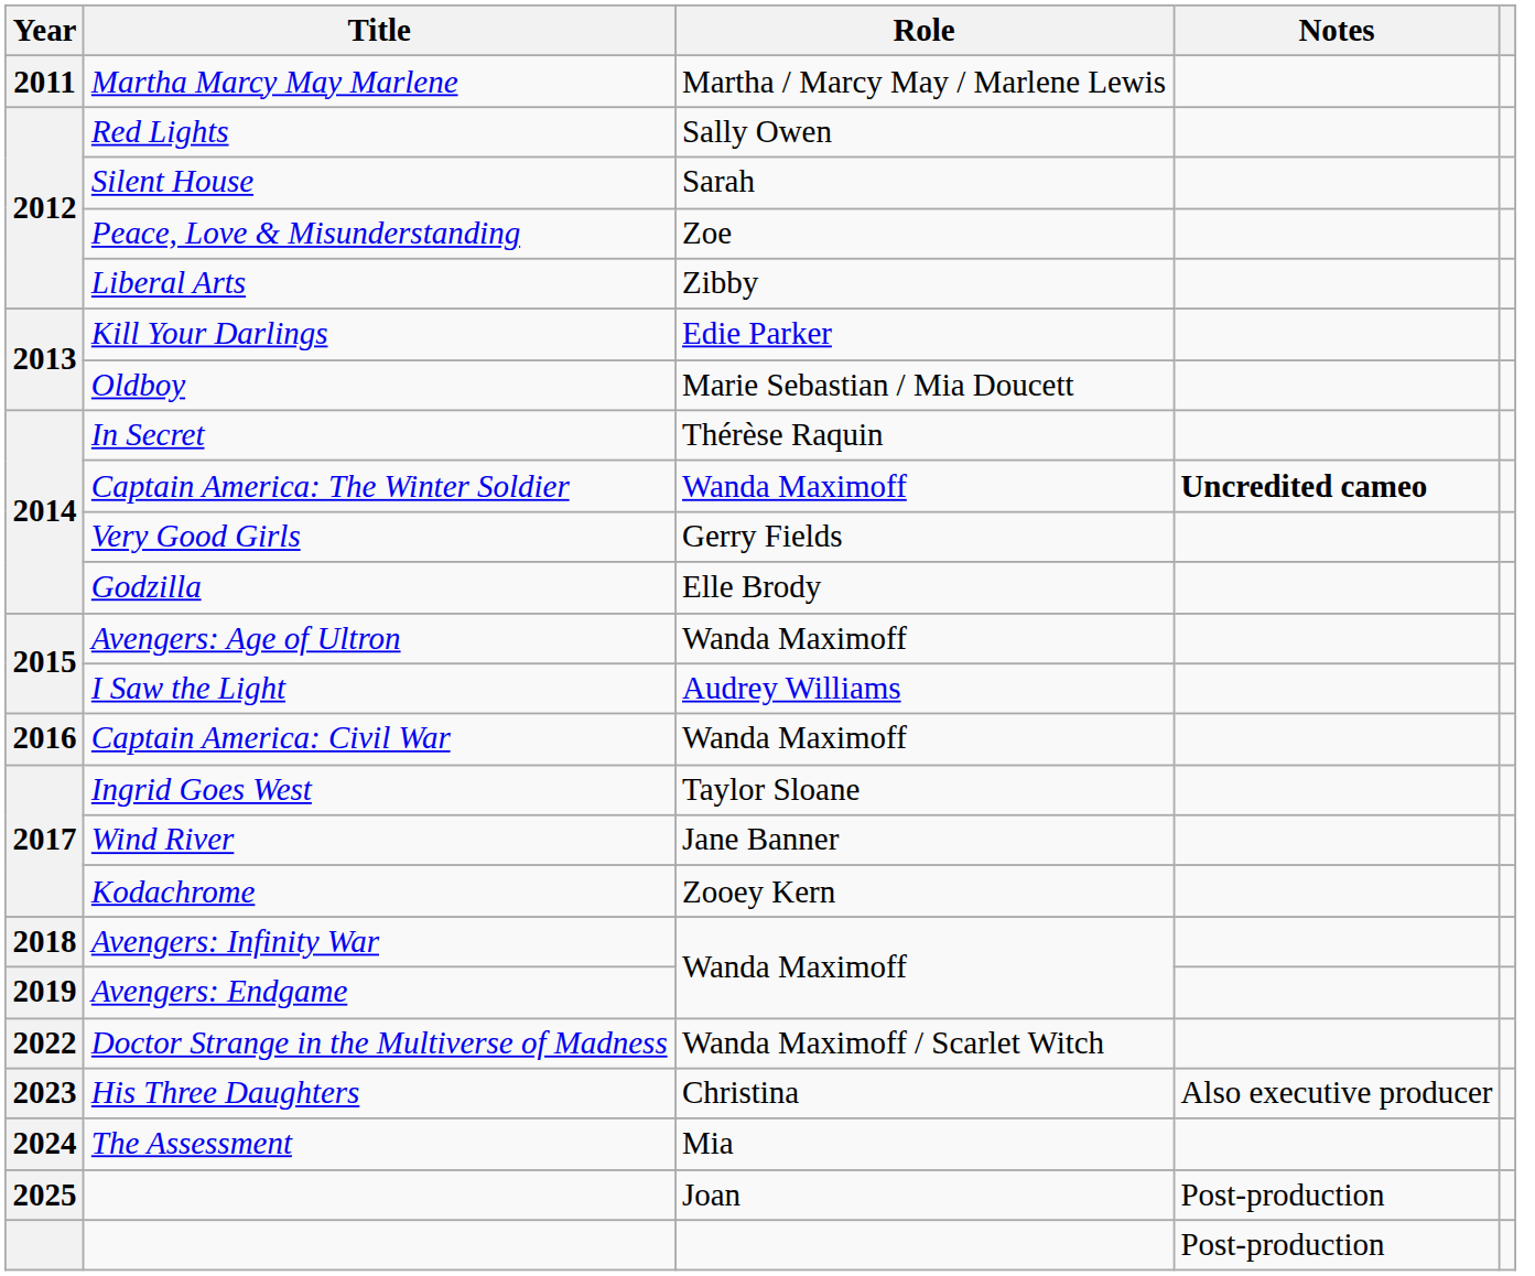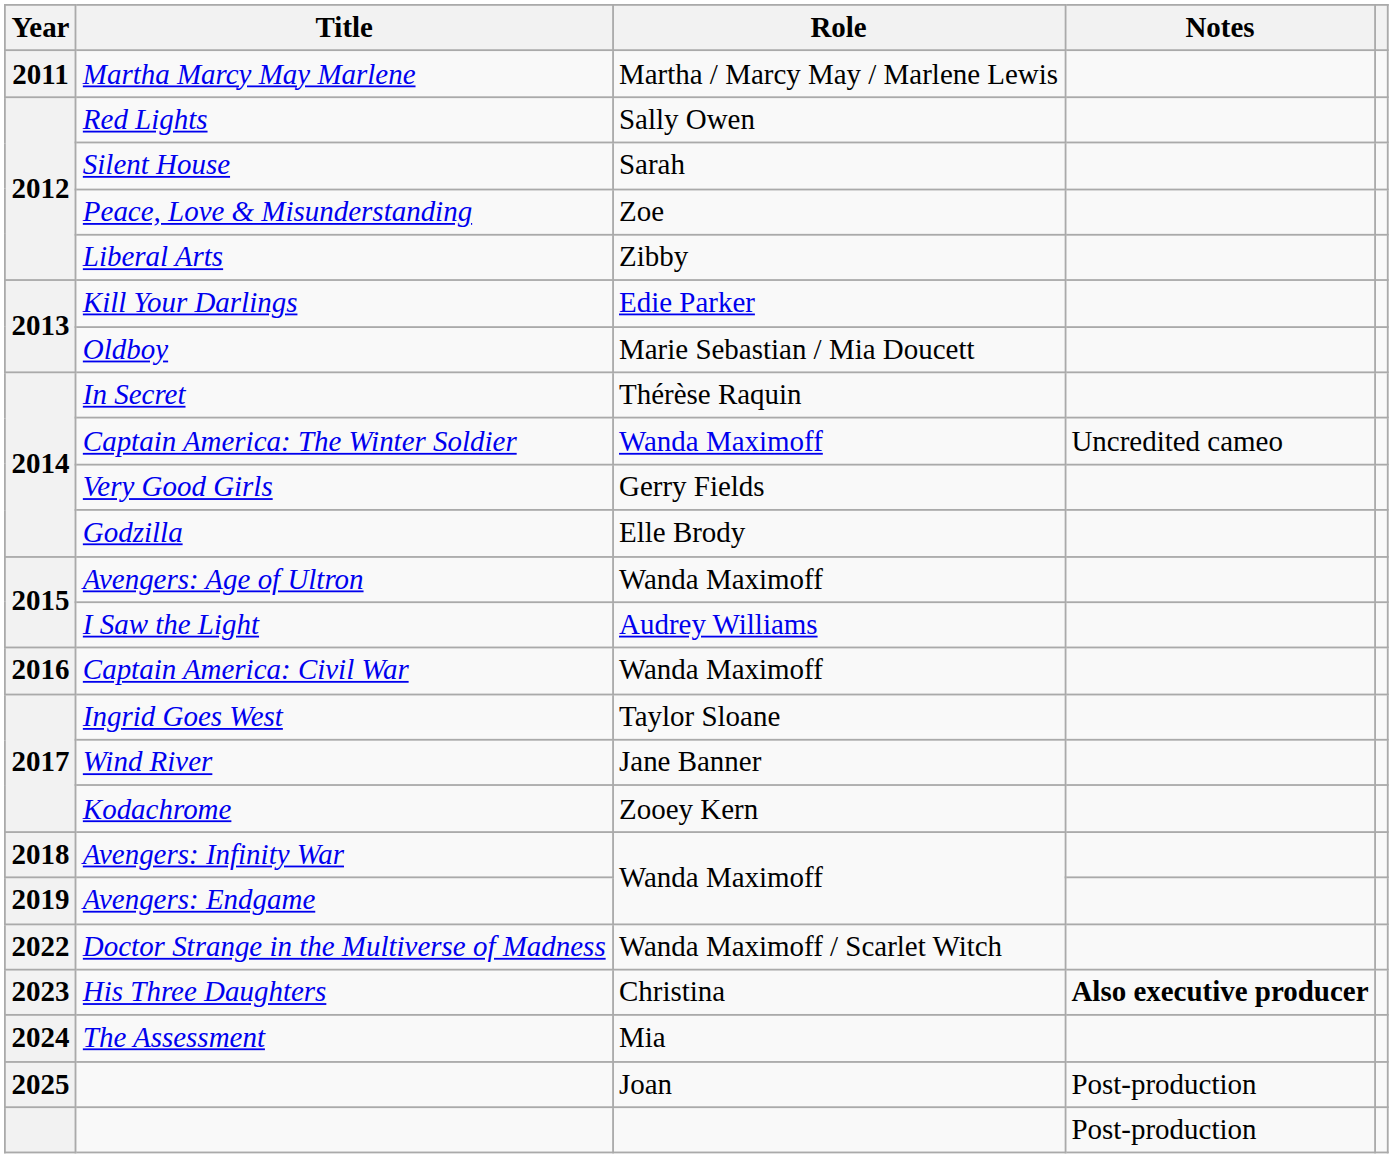 <table class="wikitable plainrowheaders sortable">
 <tr>
 <th scope="col">Year</th>
 <th scope="col">Title</th>
 <th scope="col">Role</th>
 <th scope="col" class="unsortable">Notes</th>
 <th scope="col" class="unsortable"></th>
 </tr>
 <tr>
 <th scope="row">2011</th>
 <td><em><a href='#'>Martha Marcy May Marlene</a></em></td>
 <td>Martha / Marcy May / Marlene Lewis</td>
 <td></td>
 <td style="text-align:center;"></td>
 </tr>
 <tr>
 <th scope="row" rowspan="4">2012</th>
 <td><em><a href='#'>Red Lights</a></em></td>
 <td>Sally Owen</td>
 <td></td>
 <td style="text-align:center;"></td>
 </tr>
 <tr>
 <td><em><a href='#'>Silent House</a></em></td>
 <td>Sarah</td>
 <td></td>
 <td style="text-align:center;"></td>
 </tr>
 <tr>
 <td><em><a href='#'>Peace, Love & Misunderstanding</a></em></td>
 <td>Zoe</td>
 <td></td>
 <td style="text-align:center;"></td>
 </tr>
 <tr>
 <td><em><a href='#'>Liberal Arts</a></em></td>
 <td>Zibby</td>
 <td></td>
 <td style="text-align:center;"></td>
 </tr>
 <tr>
 <th scope="row" rowspan="2">2013</th>
 <td><em><a href='#'>Kill Your Darlings</a></em></td>
 <td><a href='#'>Edie Parker</a></td>
 <td></td>
 <td style="text-align:center;"></td>
 </tr>
 <tr>
 <td><em><a href='#'>Oldboy</a></em></td>
 <td>Marie Sebastian / Mia Doucett</td>
 <td></td>
 <td style="text-align:center;"></td>
 </tr>
 <tr>
 <th scope="row" rowspan="4">2014</th>
 <td><em><a href='#'>In Secret</a></em></td>
 <td>Thérèse Raquin</td>
 <td></td>
 <td style="text-align:center;"></td>
 </tr>
 <tr>
 <td><em><a href='#'>Captain America: The Winter Soldier</a></em></td>
 <td><a href='#'>Wanda Maximoff</a></td>
-<td><strong>Uncredited cameo</strong></td>
+<td>Uncredited cameo</td>
 <td style="text-align:center;"></td>
 </tr>
 <tr>
 <td><em><a href='#'>Very Good Girls</a></em></td>
 <td>Gerry Fields</td>
 <td></td>
 <td style="text-align:center;"></td>
 </tr>
 <tr>
 <td><em><a href='#'>Godzilla</a></em></td>
 <td>Elle Brody</td>
 <td></td>
 <td style="text-align:center;"></td>
 </tr>
 <tr>
 <th scope="row" rowspan="2">2015</th>
 <td><em><a href='#'>Avengers: Age of Ultron</a></em></td>
 <td>Wanda Maximoff</td>
 <td></td>
 <td style="text-align:center;"></td>
 </tr>
 <tr>
 <td><em><a href='#'>I Saw the Light</a></em></td>
 <td><a href='#'>Audrey Williams</a></td>
 <td></td>
 <td style="text-align:center;"></td>
 </tr>
 <tr>
 <th scope="row">2016</th>
 <td><em><a href='#'>Captain America: Civil War</a></em></td>
 <td>Wanda Maximoff</td>
 <td></td>
 <td style="text-align:center;"></td>
 </tr>
 <tr>
 <th scope="row" rowspan="3">2017</th>
 <td><em><a href='#'>Ingrid Goes West</a></em></td>
 <td>Taylor Sloane</td>
 <td></td>
 <td style="text-align:center;"></td>
 </tr>
 <tr>
 <td><em><a href='#'>Wind River</a></em></td>
 <td>Jane Banner</td>
 <td></td>
 <td style="text-align:center;"></td>
 </tr>
 <tr>
 <td><em><a href='#'>Kodachrome</a></em></td>
 <td>Zooey Kern</td>
 <td></td>
 <td style="text-align:center;"></td>
 </tr>
 <tr>
 <th scope="row">2018</th>
 <td><em><a href='#'>Avengers: Infinity War</a></em></td>
 <td rowspan="2">Wanda Maximoff</td>
 <td></td>
 <td style="text-align:center;"></td>
 </tr>
 <tr>
 <th scope="row">2019</th>
 <td><em><a href='#'>Avengers: Endgame</a></em></td>
 <td></td>
 <td style="text-align:center;"></td>
 </tr>
 <tr>
 <th scope="row">2022</th>
 <td><em><a href='#'>Doctor Strange in the Multiverse of Madness</a></em></td>
 <td>Wanda Maximoff / Scarlet Witch</td>
 <td></td>
 <td style="text-align:center;"></td>
 </tr>
 <tr>
 <th scope="row">2023</th>
 <td><em><a href='#'>His Three Daughters</a></em></td>
 <td>Christina</td>
-<td>Also executive producer</td>
+<td><strong>Also executive producer</strong></td>
 <td style="text-align:center;"></td>
 </tr>
 <tr>
 <th scope="row">2024</th>
 <td><em><a href='#'>The Assessment</a></em></td>
 <td>Mia</td>
 <td></td>
 <td style="text-align:center;"></td>
 </tr>
 <tr>
 <th scope="row">2025</th>
 <td></td>
 <td>Joan</td>
 <td>Post-production</td>
 <td style="text-align:center;"></td>
 </tr>
 <tr>
 <th scope="row"></th>
 <td></td>
 <td></td>
 <td>Post-production</td>
 <td style="text-align:center;"></td>
 </tr>
 </table>
